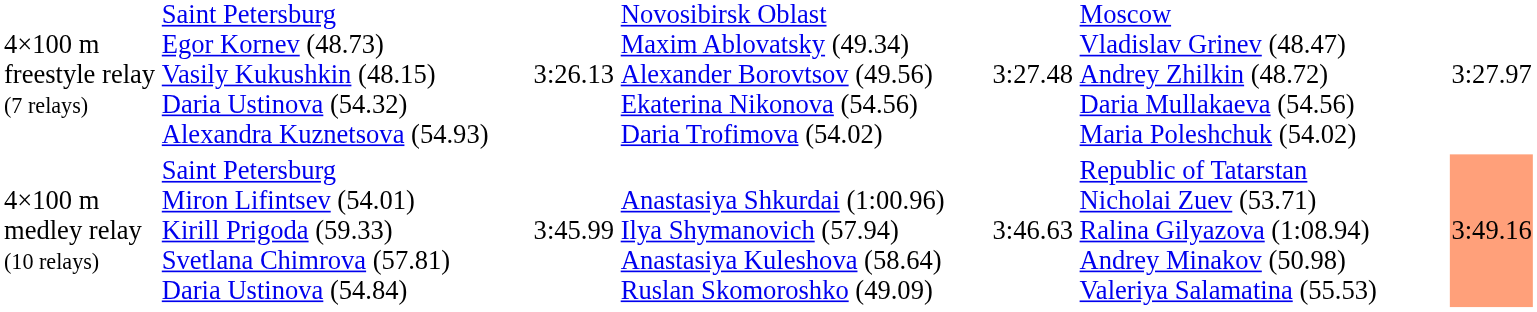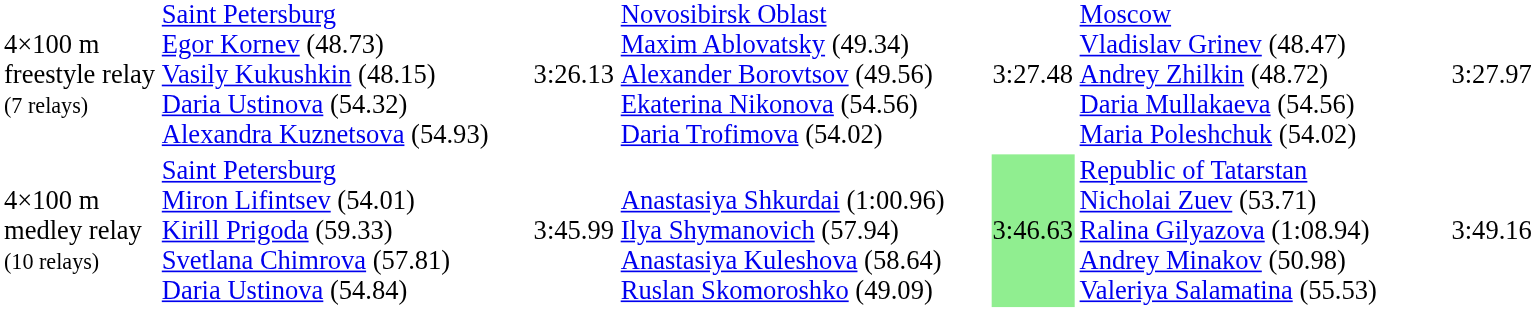 <table>
 <tr>
 <td>4×100 m<br>freestyle relay<br><small>(7 relays)</small></td>
 <td width=220><a href='#'>Saint Petersburg</a><br><a href='#'>Egor Kornev</a> (48.73)<br><a href='#'>Vasily Kukushkin</a> (48.15)<br><a href='#'>Daria Ustinova</a> (54.32)<br><a href='#'>Alexandra Kuznetsova</a> (54.93)</td>
 <td>3:26.13</td>
 <td width=220><a href='#'>Novosibirsk Oblast</a><br><a href='#'>Maxim Ablovatsky</a> (49.34)<br><a href='#'>Alexander Borovtsov</a> (49.56)<br><a href='#'>Ekaterina Nikonova</a> (54.56)<br><a href='#'>Daria Trofimova</a> (54.02)</td>
 <td>3:27.48</td>
 <td width=220><a href='#'>Moscow</a><br><a href='#'>Vladislav Grinev</a> (48.47)<br><a href='#'>Andrey Zhilkin</a> (48.72)<br><a href='#'>Daria Mullakaeva</a> (54.56)<br><a href='#'>Maria Poleshchuk</a> (54.02)</td>
 <td>3:27.97</td>
 </tr>
 <tr>
 <td>4×100 m<br>medley relay<br><small>(10 relays)</small></td>
 <td width=220><a href='#'>Saint Petersburg</a><br><a href='#'>Miron Lifintsev</a> (54.01)<br><a href='#'>Kirill Prigoda</a> (59.33)<br><a href='#'>Svetlana Chimrova</a> (57.81)<br><a href='#'>Daria Ustinova</a> (54.84)</td>
 <td>3:45.99</td>
 <td width=220><br><a href='#'>Anastasiya Shkurdai</a> (1:00.96)<br><a href='#'>Ilya Shymanovich</a> (57.94)<br><a href='#'>Anastasiya Kuleshova</a> (58.64)<br><a href='#'>Ruslan Skomoroshko</a> (49.09)</td>
-<td>3:46.63</td>
+<td style="background: lightgreen;">3:46.63</td>
 <td width=220><a href='#'>Republic of Tatarstan</a><br><a href='#'>Nicholai Zuev</a> (53.71)<br><a href='#'>Ralina Gilyazova</a> (1:08.94)<br><a href='#'>Andrey Minakov</a> (50.98)<br><a href='#'>Valeriya Salamatina</a> (55.53)</td>
-<td style="background: lightsalmon;">3:49.16</td>
+<td>3:49.16</td>
 </tr>
 </table>
